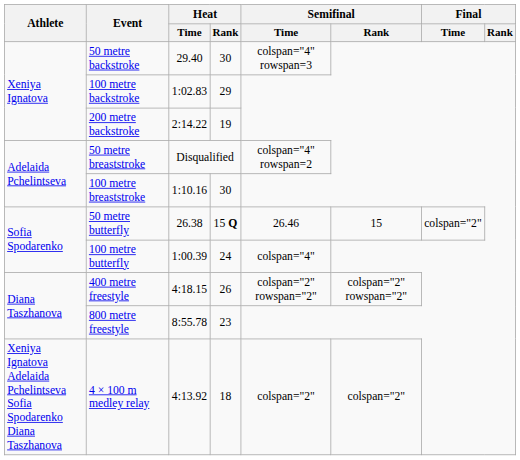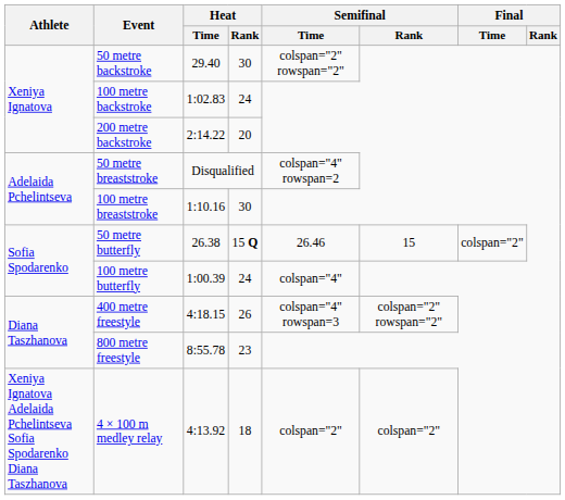 <table class="wikitable" style="text-align:center; font-size:90%; width:50%;">
 <tr>
 <th rowspan="2">Athlete</th>
 <th rowspan="2">Event</th>
 <th colspan="2">Heat</th>
 <th colspan="2">Semifinal</th>
 <th colspan="2">Final</th>
 </tr>
 <tr style="font-size:95%">
 <th>Time</th>
 <th>Rank</th>
 <th>Time</th>
 <th>Rank</th>
 <th>Time</th>
 <th>Rank</th>
 </tr>
 <tr align=center>
 <td align=left rowspan=3><a href='#'>Xeniya Ignatova</a></td>
 <td align=left><a href='#'>50 metre backstroke</a></td>
 <td>29.40</td>
 <td>30</td>
-<td>colspan="4" rowspan=3 </td>
+<td>colspan="2" rowspan="2"</td>
 </tr>
 <tr align=center>
 <td align=left><a href='#'>100 metre backstroke</a></td>
 <td>1:02.83</td>
-<td>29</td>
+<td>24</td>
 </tr>
 <tr align=center>
 <td align=left><a href='#'>200 metre backstroke</a></td>
 <td>2:14.22</td>
-<td>19</td>
+<td>20</td>
 </tr>
 <tr align=center>
 <td align=left rowspan="2"><a href='#'>Adelaida Pchelintseva</a></td>
 <td align=left><a href='#'>50 metre breaststroke</a></td>
 <td colspan="2">Disqualified</td>
 <td>colspan="4" rowspan=2 </td>
 </tr>
 <tr align=center>
 <td align=left><a href='#'>100 metre breaststroke</a></td>
 <td>1:10.16</td>
 <td>30</td>
 </tr>
 <tr align=center>
 <td align=left rowspan="2"><a href='#'>Sofia Spodarenko</a></td>
 <td align=left><a href='#'>50 metre butterfly</a></td>
 <td>26.38</td>
 <td>15 <strong>Q</strong></td>
 <td>26.46</td>
 <td>15</td>
 <td>colspan="2" </td>
 </tr>
 <tr align=center>
 <td align=left><a href='#'>100 metre butterfly</a></td>
 <td>1:00.39</td>
 <td>24</td>
 <td>colspan="4" </td>
 </tr>
 <tr align=center>
 <td align=left rowspan="2"><a href='#'>Diana Taszhanova</a></td>
 <td align=left><a href='#'>400 metre freestyle</a></td>
 <td>4:18.15</td>
 <td>26</td>
-<td>colspan="2" rowspan="2"</td>
+<td>colspan="4" rowspan=3 </td>
 <td>colspan="2" rowspan="2" </td>
 </tr>
 <tr align=center>
 <td align=left><a href='#'>800 metre freestyle</a></td>
 <td>8:55.78</td>
 <td>23</td>
 </tr>
 <tr>
 <td align=left><a href='#'>Xeniya Ignatova</a><br><a href='#'>Adelaida Pchelintseva</a><br><a href='#'>Sofia Spodarenko</a> <br><a href='#'>Diana Taszhanova</a></td>
 <td align=left><a href='#'>4 × 100 m medley relay</a></td>
 <td>4:13.92</td>
 <td>18</td>
 <td>colspan="2"  </td>
 <td>colspan="2"  </td>
 </tr>
 </table>
